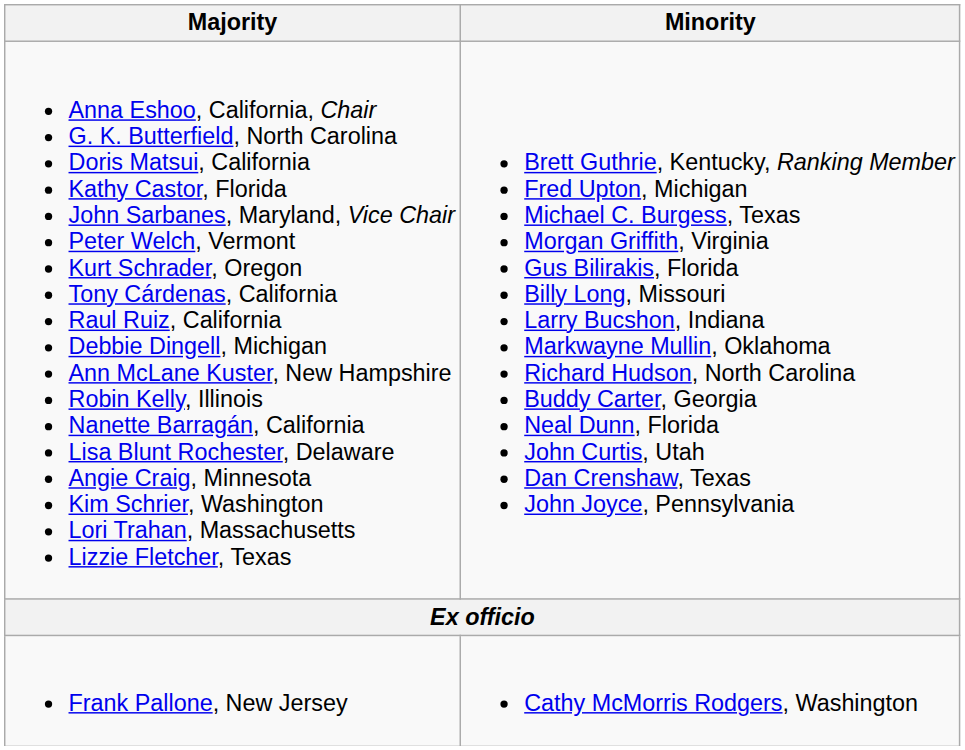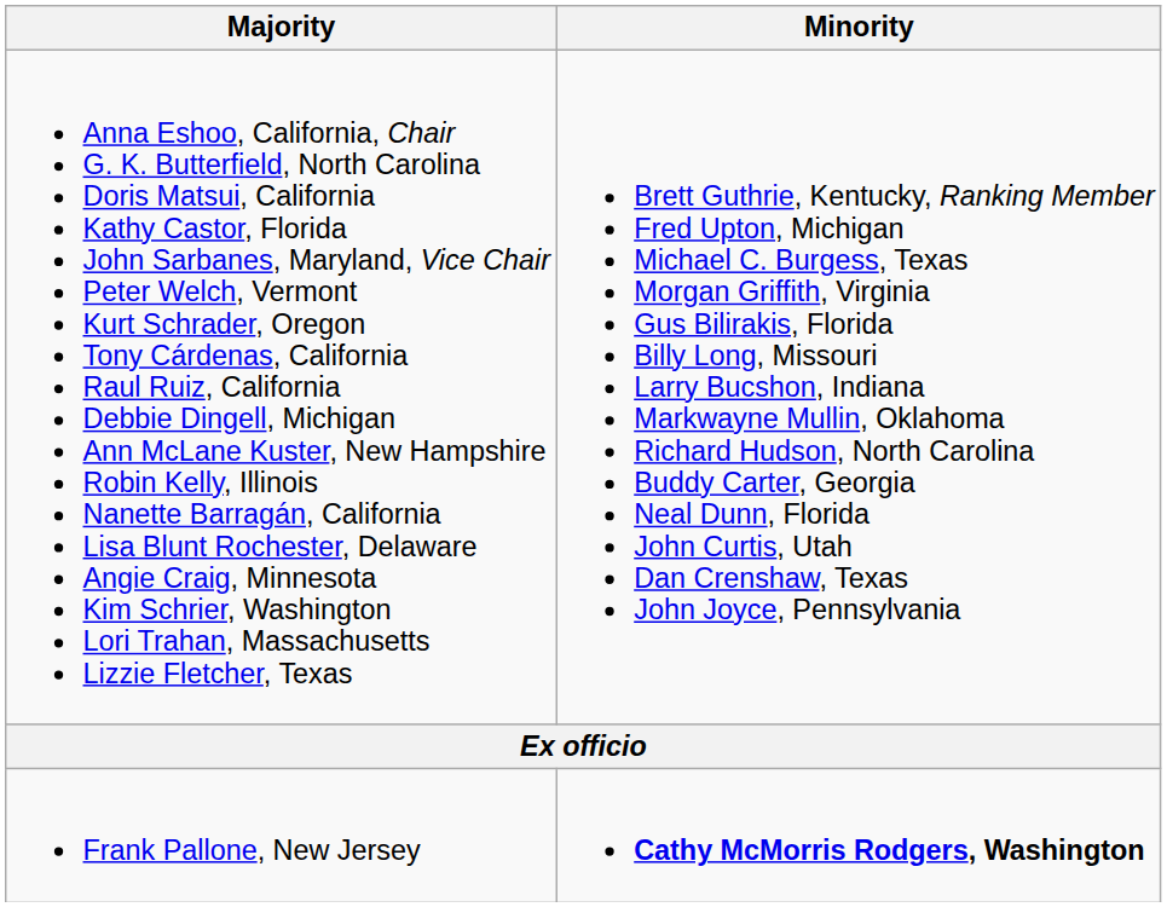 <table class=wikitable>
 <tr>
 <th>Majority</th>
 <th>Minority</th>
 </tr>
 <tr>
 <td><br><ul><li><a href='#'>Anna Eshoo</a>, California, <em>Chair</em></li><li><a href='#'>G. K. Butterfield</a>, North Carolina</li><li><a href='#'>Doris Matsui</a>, California</li><li><a href='#'>Kathy Castor</a>, Florida</li><li><a href='#'>John Sarbanes</a>, Maryland, <em>Vice Chair</em></li><li><a href='#'>Peter Welch</a>, Vermont</li><li><a href='#'>Kurt Schrader</a>, Oregon</li><li><a href='#'>Tony Cárdenas</a>, California</li><li><a href='#'>Raul Ruiz</a>, California</li><li><a href='#'>Debbie Dingell</a>, Michigan</li><li><a href='#'>Ann McLane Kuster</a>, New Hampshire</li><li><a href='#'>Robin Kelly</a>, Illinois</li><li><a href='#'>Nanette Barragán</a>, California</li><li><a href='#'>Lisa Blunt Rochester</a>, Delaware</li><li><a href='#'>Angie Craig</a>, Minnesota</li><li><a href='#'>Kim Schrier</a>, Washington</li><li><a href='#'>Lori Trahan</a>, Massachusetts</li><li><a href='#'>Lizzie Fletcher</a>, Texas</li></ul></td>
 <td><br><ul><li><a href='#'>Brett Guthrie</a>, Kentucky, <em>Ranking Member</em></li><li><a href='#'>Fred Upton</a>, Michigan</li><li><a href='#'>Michael C. Burgess</a>, Texas</li><li><a href='#'>Morgan Griffith</a>, Virginia</li><li><a href='#'>Gus Bilirakis</a>, Florida</li><li><a href='#'>Billy Long</a>, Missouri</li><li><a href='#'>Larry Bucshon</a>, Indiana</li><li><a href='#'>Markwayne Mullin</a>, Oklahoma</li><li><a href='#'>Richard Hudson</a>, North Carolina</li><li><a href='#'>Buddy Carter</a>, Georgia</li><li><a href='#'>Neal Dunn</a>, Florida</li><li><a href='#'>John Curtis</a>, Utah</li><li><a href='#'>Dan Crenshaw</a>, Texas</li><li><a href='#'>John Joyce</a>, Pennsylvania</li></ul></td>
 </tr>
 <tr>
 <th colspan=2><em>Ex officio</em></th>
 </tr>
 <tr>
 <td><br><ul><li><a href='#'>Frank Pallone</a>, New Jersey</li></ul></td>
-<td><br><ul><li><a href='#'>Cathy McMorris Rodgers</a>, Washington</li></ul></td>
+<td><strong><br><ul><li><a href='#'>Cathy McMorris Rodgers</a>, Washington</li></ul></strong></td>
 </tr>
 </table>
